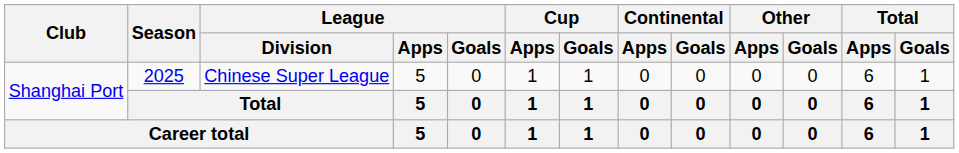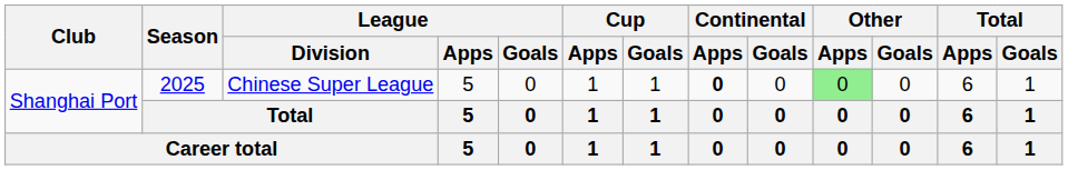 <table class="wikitable" style="text-align: center">
 <tr>
 <th rowspan="2">Club</th>
 <th rowspan="2">Season</th>
 <th colspan="3">League</th>
 <th colspan="2">Cup</th>
 <th colspan="2">Continental</th>
 <th colspan="2">Other</th>
 <th colspan="2">Total</th>
 </tr>
 <tr>
 <th>Division</th>
 <th>Apps</th>
 <th>Goals</th>
 <th>Apps</th>
 <th>Goals</th>
 <th>Apps</th>
 <th>Goals</th>
 <th>Apps</th>
 <th>Goals</th>
 <th>Apps</th>
 <th>Goals</th>
 </tr>
 <tr>
 <td rowspan="2"><a href='#'>Shanghai Port</a></td>
 <td><a href='#'>2025</a></td>
 <td rowspan="1"><a href='#'>Chinese Super League</a></td>
 <td>5</td>
 <td>0</td>
 <td>1</td>
 <td>1</td>
+<td><strong>0</strong></td>
 <td>0</td>
-<td>0</td>
-<td>0</td>
+<td style="background: lightgreen;">0</td>
 <td>0</td>
 <td>6</td>
 <td>1</td>
 </tr>
 <tr>
 <th colspan=2>Total</th>
 <th>5</th>
 <th>0</th>
 <th>1</th>
 <th>1</th>
 <th>0</th>
 <th>0</th>
 <th>0</th>
 <th>0</th>
 <th>6</th>
 <th>1</th>
 </tr>
 <tr>
 <th colspan=3>Career total</th>
 <th>5</th>
 <th>0</th>
 <th>1</th>
 <th>1</th>
 <th>0</th>
 <th>0</th>
 <th>0</th>
 <th>0</th>
 <th>6</th>
 <th>1</th>
 </tr>
 </table>
